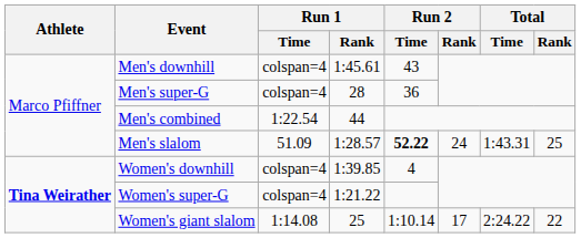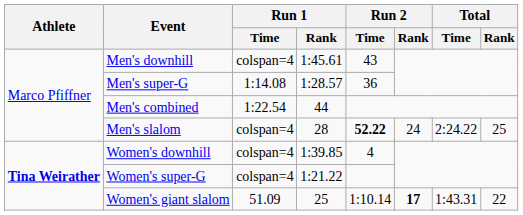 <table class=wikitable style=font-size:90%>
 <tr>
 <th rowspan=2>Athlete</th>
 <th rowspan=2>Event</th>
 <th colspan=2>Run 1</th>
 <th colspan=2>Run 2</th>
 <th colspan=2>Total</th>
 </tr>
 <tr style=font-size:95%>
 <th>Time</th>
 <th>Rank</th>
 <th>Time</th>
 <th>Rank</th>
 <th>Time</th>
 <th>Rank</th>
 </tr>
 <tr align=center>
 <td align=left rowspan=4><a href='#'>Marco Pfiffner</a></td>
 <td align=left><a href='#'>Men's downhill</a></td>
 <td>colspan=4 </td>
 <td>1:45.61</td>
 <td>43</td>
 </tr>
 <tr align=center>
 <td align=left><a href='#'>Men's super-G</a></td>
-<td>colspan=4 </td>
-<td>28</td>
+<td>1:14.08</td>
+<td>1:28.57</td>
 <td>36</td>
 </tr>
 <tr align=center>
 <td align=left><a href='#'>Men's combined</a></td>
 <td>1:22.54</td>
 <td>44</td>
 <td colspan=4></td>
 </tr>
 <tr align=center>
 <td align=left><a href='#'>Men's slalom</a></td>
-<td>51.09</td>
-<td>1:28.57</td>
+<td>colspan=4 </td>
+<td>28</td>
 <td><strong>52.22</strong></td>
 <td>24</td>
-<td>1:43.31</td>
+<td>2:24.22</td>
 <td>25</td>
 </tr>
 <tr align=center>
 <td align=left rowspan=3><strong><a href='#'>Tina Weirather</a></strong></td>
 <td align=left><a href='#'>Women's downhill</a></td>
 <td>colspan=4 </td>
 <td>1:39.85</td>
 <td>4</td>
 </tr>
 <tr align=center>
 <td align=left><a href='#'>Women's super-G</a></td>
 <td>colspan=4 </td>
 <td>1:21.22</td>
 <td></td>
 </tr>
 <tr align=center>
 <td align=left><a href='#'>Women's giant slalom</a></td>
-<td>1:14.08</td>
+<td>51.09</td>
 <td>25</td>
 <td>1:10.14</td>
-<td>17</td>
-<td>2:24.22</td>
+<td><strong>17</strong></td>
+<td>1:43.31</td>
 <td>22</td>
 </tr>
 </table>
